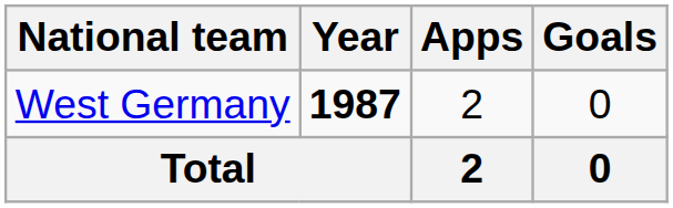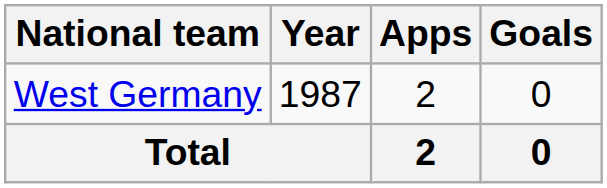 <table class="wikitable" style="text-align:center">
 <tr>
 <th>National team</th>
 <th>Year</th>
 <th>Apps</th>
 <th>Goals</th>
 </tr>
 <tr>
 <td><a href='#'>West Germany</a></td>
-<td><strong>1987</strong></td>
+<td>1987</td>
 <td>2</td>
 <td>0</td>
 </tr>
 <tr>
 <th colspan="2">Total</th>
 <th>2</th>
 <th>0</th>
 </tr>
 </table>
